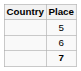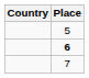 <table class="wikitable sortable" style="text-align:center">
 <tr>
 <th>Country</th>
 <th>Place</th>
 </tr>
 <tr>
 <td align=left></td>
 <td>5</td>
 </tr>
 <tr>
 <td align=left></td>
-<td>6</td>
+<td><strong>6</strong></td>
 </tr>
 <tr>
 <td align=left></td>
-<td><strong>7</strong></td>
+<td>7</td>
 </tr>
 </table>
